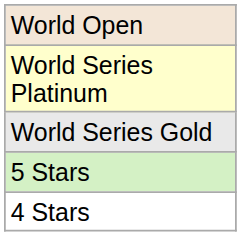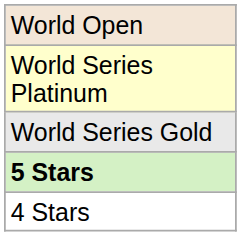 <table class=wikitable style=font-size:89%;width:15%>
 <tr style="background:#F3E6D7;">
 <td>World Open</td>
 </tr>
 <tr style="background:#ffc;">
 <td>World Series Platinum</td>
 </tr>
 <tr style="background:#E9E9E9;">
 <td>World Series Gold</td>
 </tr>
 <tr style="background:#D4F1C5;">
-<td>5 Stars</td>
+<td><strong>5 Stars</strong></td>
 </tr>
 <tr style="background:#fff;">
 <td>4 Stars</td>
 </tr>
 </table>
